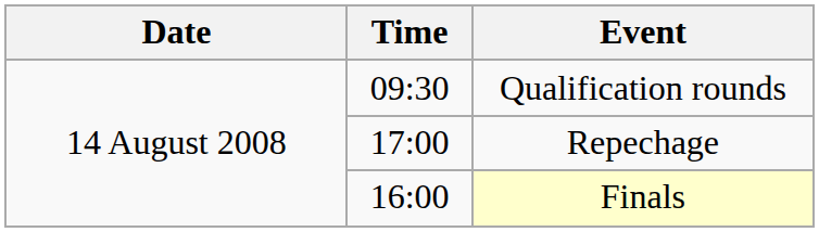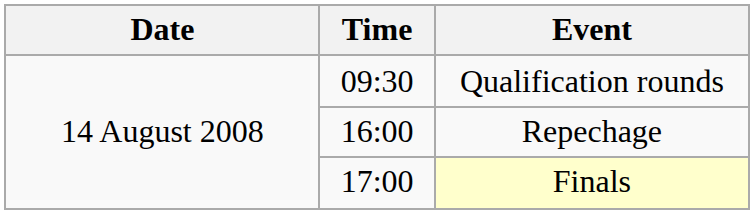 <table class = "wikitable" style="text-align:center;">
 <tr>
 <th width=150>Date</th>
 <th width=50>Time</th>
 <th width=150>Event</th>
 </tr>
 <tr>
 <td rowspan=3>14 August 2008</td>
 <td>09:30</td>
 <td>Qualification rounds</td>
 </tr>
 <tr>
-<td>17:00</td>
+<td>16:00</td>
 <td>Repechage</td>
 </tr>
 <tr>
-<td>16:00</td>
+<td>17:00</td>
 <td bgcolor=ffffcc>Finals</td>
 </tr>
 </table>
